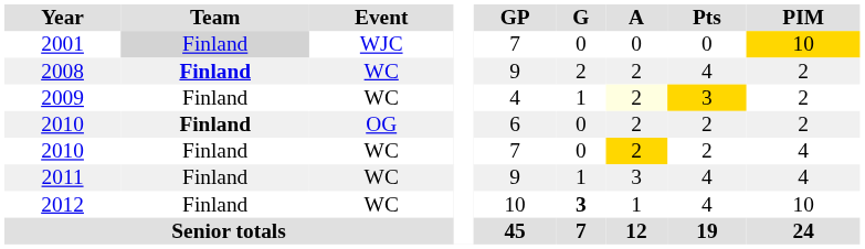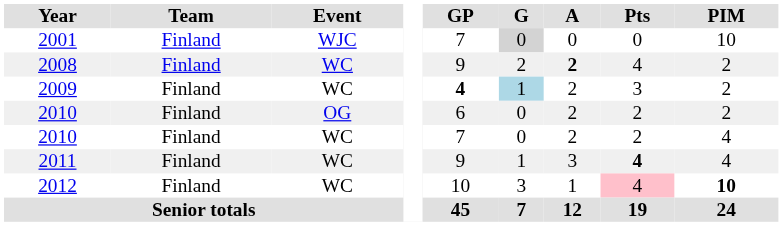 <table border="0" cellpadding="1" cellspacing="0" ID="Table3" style="text-align:center; width:40em">
 <tr ALIGN="center" bgcolor="#e0e0e0">
 <th>Year</th>
 <th>Team</th>
 <th>Event</th>
 <th ALIGN="center" rowspan="99" bgcolor="#ffffff"> </th>
 <th>GP</th>
 <th>G</th>
 <th>A</th>
 <th>Pts</th>
 <th>PIM</th>
 </tr>
 <tr>
 <td><a href='#'>2001</a></td>
-<td style="background: lightgrey;"><a href='#'>Finland</a></td>
+<td><a href='#'>Finland</a></td>
 <td><a href='#'>WJC</a></td>
 <td>7</td>
+<td style="background: lightgrey;">0</td>
 <td>0</td>
 <td>0</td>
-<td>0</td>
-<td style="background: gold;">10</td>
+<td>10</td>
 </tr>
 <tr bgcolor="#f0f0f0">
 <td><a href='#'>2008</a></td>
-<td><strong><a href='#'>Finland</a></strong></td>
+<td><a href='#'>Finland</a></td>
 <td><a href='#'>WC</a></td>
 <td>9</td>
 <td>2</td>
-<td>2</td>
+<td><strong>2</strong></td>
 <td>4</td>
 <td>2</td>
 </tr>
 <tr>
 <td><a href='#'>2009</a></td>
 <td>Finland</td>
 <td>WC</td>
-<td>4</td>
-<td>1</td>
-<td style="background: lightyellow;">2</td>
-<td style="background: gold;">3</td>
+<td><strong>4</strong></td>
+<td style="background: lightblue;">1</td>
+<td>2</td>
+<td>3</td>
 <td>2</td>
 </tr>
 <tr bgcolor="#f0f0f0">
 <td><a href='#'>2010</a></td>
-<td><strong>Finland</strong></td>
+<td>Finland</td>
 <td><a href='#'>OG</a></td>
 <td>6</td>
 <td>0</td>
 <td>2</td>
 <td>2</td>
 <td>2</td>
 </tr>
 <tr>
 <td><a href='#'>2010</a></td>
 <td>Finland</td>
 <td>WC</td>
 <td>7</td>
 <td>0</td>
-<td style="background: gold;">2</td>
+<td>2</td>
 <td>2</td>
 <td>4</td>
 </tr>
 <tr bgcolor="#f0f0f0">
 <td><a href='#'>2011</a></td>
 <td>Finland</td>
 <td>WC</td>
 <td>9</td>
 <td>1</td>
 <td>3</td>
-<td>4</td>
+<td><strong>4</strong></td>
 <td>4</td>
 </tr>
 <tr>
 <td><a href='#'>2012</a></td>
 <td>Finland</td>
 <td>WC</td>
 <td>10</td>
-<td><strong>3</strong></td>
+<td>3</td>
 <td>1</td>
-<td>4</td>
-<td>10</td>
+<td style="background: pink;">4</td>
+<td><strong>10</strong></td>
 </tr>
 <tr bgcolor="#e0e0e0">
 <th colspan=3>Senior totals</th>
 <th>45</th>
 <th>7</th>
 <th>12</th>
 <th>19</th>
 <th>24</th>
 </tr>
 </table>
